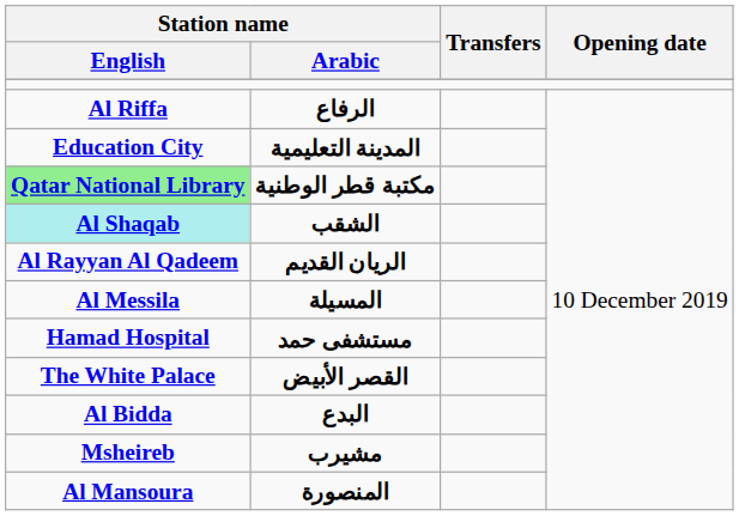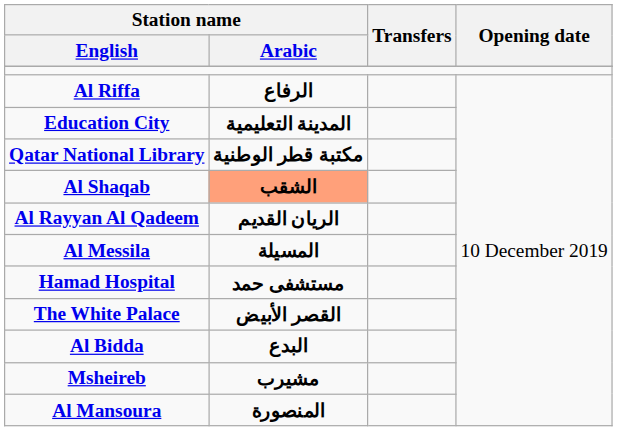 <table class="wikitable"  style="text-align:center;">
 <tr>
 <th colspan="2">Station name</th>
 <th rowspan="2">Transfers</th>
 <th rowspan="2">Opening date</th>
 </tr>
 <tr>
 <th><a href='#'>English</a></th>
 <th><a href='#'>Arabic</a></th>
 </tr>
 <tr>
 </tr>
 <tr style="background:#">
 <td colspan="10"></td>
 </tr>
 <tr>
 <td><strong><a href='#'>Al Riffa</a></strong></td>
 <td><strong>الرفاع</strong></td>
 <td></td>
 <td rowspan="11">10 December 2019</td>
 </tr>
 <tr>
 <td><strong><a href='#'>Education City</a></strong></td>
 <td><strong>المدينة التعليمية</strong></td>
 <td></td>
 </tr>
 <tr>
-<td style="background: lightgreen;"><strong><a href='#'>Qatar National Library</a></strong></td>
+<td><strong><a href='#'>Qatar National Library</a></strong></td>
 <td><strong>مكتبة قطر الوطنية</strong></td>
 <td></td>
 </tr>
 <tr>
-<td style="background: paleturquoise;"><strong><a href='#'>Al Shaqab</a></strong></td>
-<td><strong>الشقب</strong></td>
+<td><strong><a href='#'>Al Shaqab</a></strong></td>
+<td style="background: lightsalmon;"><strong>الشقب</strong></td>
 <td></td>
 </tr>
 <tr>
 <td><strong><a href='#'>Al Rayyan Al Qadeem</a></strong></td>
 <td><strong>الريان القديم</strong></td>
 <td></td>
 </tr>
 <tr>
 <td><strong><a href='#'>Al Messila</a></strong></td>
 <td><strong>المسيلة</strong></td>
 <td></td>
 </tr>
 <tr>
 <td><strong><a href='#'>Hamad Hospital</a></strong></td>
 <td><strong>مستشفى حمد</strong></td>
 <td></td>
 </tr>
 <tr>
 <td><strong><a href='#'>The White Palace</a></strong></td>
 <td><strong>القصر الأبيض</strong></td>
 <td></td>
 </tr>
 <tr>
 <td><strong><a href='#'>Al Bidda</a></strong></td>
 <td><strong>البدع</strong></td>
 <td></td>
 </tr>
 <tr>
 <td><strong><a href='#'>Msheireb</a></strong></td>
 <td><strong>مشيرب</strong></td>
 <td> </td>
 </tr>
 <tr>
 <td><strong><a href='#'>Al Mansoura</a></strong></td>
 <td><strong>المنصورة</strong></td>
 <td></td>
 </tr>
 </table>
